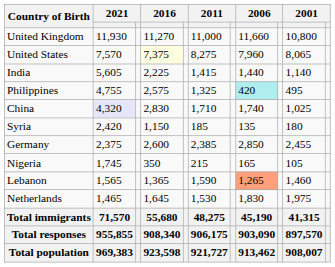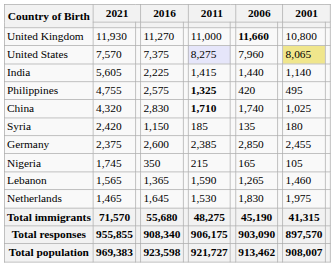 <table class="wikitable sortable">
 <tr>
 <th rowspan="2">Country of Birth</th>
 <th colspan="2">2021</th>
 <th colspan="2">2016</th>
 <th colspan="2">2011</th>
 <th colspan="2">2006</th>
 <th colspan="2">2001</th>
 </tr>
 <tr>
 <th><a href='#'></a></th>
 <th></th>
 <th></th>
 <th></th>
 <th></th>
 <th></th>
 <th></th>
 <th></th>
 <th></th>
 <th></th>
 </tr>
 <tr>
 <td>United Kingdom</td>
 <td>11,930</td>
 <td></td>
 <td>11,270</td>
 <td></td>
 <td>11,000</td>
 <td></td>
-<td>11,660</td>
+<td><strong>11,660</strong></td>
 <td></td>
 <td>10,800</td>
 <td></td>
 </tr>
 <tr>
 <td>United States</td>
 <td>7,570</td>
 <td></td>
-<td style="background: lightyellow;">7,375</td>
+<td>7,375</td>
 <td></td>
-<td>8,275</td>
+<td style="background: lavender;">8,275</td>
 <td></td>
 <td>7,960</td>
 <td></td>
-<td>8,065</td>
+<td style="background: khaki;">8,065</td>
 <td></td>
 </tr>
 <tr>
 <td>India</td>
 <td>5,605</td>
 <td></td>
 <td>2,225</td>
 <td></td>
 <td>1,415</td>
 <td></td>
 <td>1,440</td>
 <td></td>
 <td>1,140</td>
 <td></td>
 </tr>
 <tr>
 <td>Philippines</td>
 <td>4,755</td>
 <td></td>
 <td>2,575</td>
 <td></td>
-<td>1,325</td>
+<td><strong>1,325</strong></td>
 <td></td>
-<td style="background: paleturquoise;">420</td>
+<td>420</td>
 <td></td>
 <td>495</td>
 <td></td>
 </tr>
 <tr>
 <td>China</td>
-<td style="background: lavender;">4,320</td>
+<td>4,320</td>
 <td></td>
 <td>2,830</td>
 <td></td>
-<td>1,710</td>
+<td><strong>1,710</strong></td>
 <td></td>
 <td>1,740</td>
 <td></td>
 <td>1,025</td>
 <td></td>
 </tr>
 <tr>
 <td>Syria</td>
 <td>2,420</td>
 <td></td>
 <td>1,150</td>
 <td></td>
 <td>185</td>
 <td></td>
 <td>135</td>
 <td></td>
 <td>180</td>
 <td></td>
 </tr>
 <tr>
 <td>Germany</td>
 <td>2,375</td>
 <td></td>
 <td>2,600</td>
 <td></td>
 <td>2,385</td>
 <td></td>
 <td>2,850</td>
 <td></td>
 <td>2,455</td>
 <td></td>
 </tr>
 <tr>
 <td>Nigeria</td>
 <td>1,745</td>
 <td></td>
 <td>350</td>
 <td></td>
 <td>215</td>
 <td></td>
 <td>165</td>
 <td></td>
 <td>105</td>
 <td></td>
 </tr>
 <tr>
 <td>Lebanon</td>
 <td>1,565</td>
 <td></td>
 <td>1,365</td>
 <td></td>
 <td>1,590</td>
 <td></td>
-<td style="background: lightsalmon;">1,265</td>
+<td>1,265</td>
 <td></td>
 <td>1,460</td>
 <td></td>
 </tr>
 <tr>
 <td>Netherlands</td>
 <td>1,465</td>
 <td></td>
 <td>1,645</td>
 <td></td>
 <td>1,530</td>
 <td></td>
 <td>1,830</td>
 <td></td>
 <td>1,975</td>
 <td></td>
 </tr>
 <tr>
 <th>Total immigrants</th>
 <th>71,570</th>
 <th></th>
 <th>55,680</th>
 <th></th>
 <th>48,275</th>
 <th></th>
 <th>45,190</th>
 <th></th>
 <th>41,315</th>
 <th></th>
 </tr>
 <tr class="sortbottom">
 <th>Total responses</th>
 <th>955,855</th>
 <th></th>
 <th>908,340</th>
 <th></th>
 <th>906,175</th>
 <th></th>
 <th>903,090</th>
 <th></th>
 <th>897,570</th>
 <th></th>
 </tr>
 <tr class="sortbottom">
 <th>Total population</th>
 <th>969,383</th>
 <th></th>
 <th>923,598</th>
 <th></th>
 <th>921,727</th>
 <th></th>
 <th>913,462</th>
 <th></th>
 <th>908,007</th>
 <th></th>
 </tr>
 </table>
